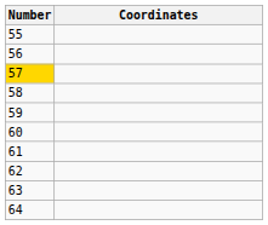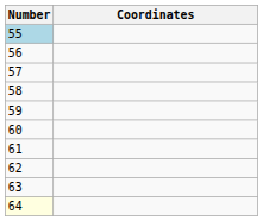 <table class="wikitable sortable">
 <tr>
 <th>Number</th>
 <th width="220">Coordinates</th>
 </tr>
 <tr>
-<td>55</td>
+<td style="background: lightblue;">55</td>
 <td></td>
 </tr>
 <tr>
 <td>56</td>
 <td></td>
 </tr>
 <tr>
-<td style="background: gold;">57</td>
+<td>57</td>
 <td></td>
 </tr>
 <tr>
 <td>58</td>
 <td></td>
 </tr>
 <tr>
 <td>59</td>
 <td></td>
 </tr>
 <tr>
 <td>60</td>
 <td></td>
 </tr>
 <tr>
 <td>61</td>
 <td></td>
 </tr>
 <tr>
 <td>62</td>
 <td></td>
 </tr>
 <tr>
 <td>63</td>
 <td></td>
 </tr>
 <tr>
-<td>64</td>
+<td style="background: lightyellow;">64</td>
 <td></td>
 </tr>
 </table>
